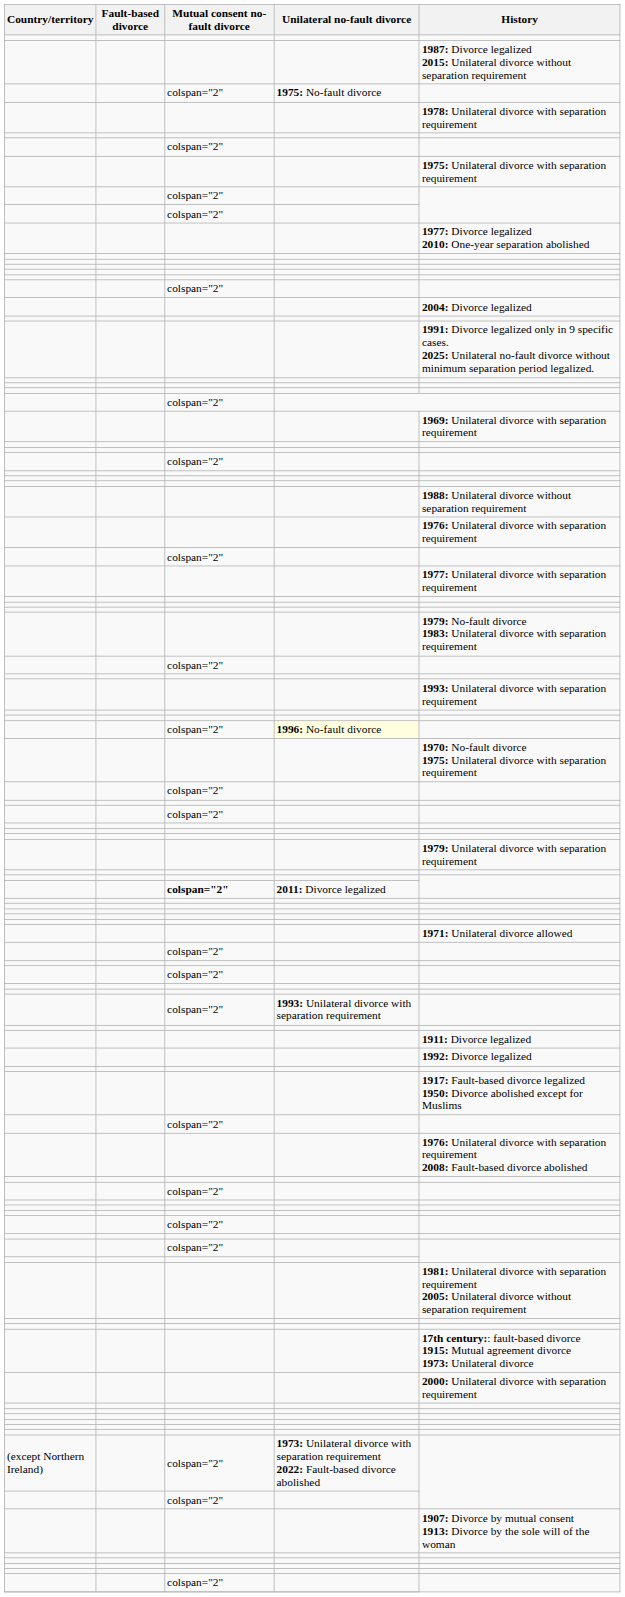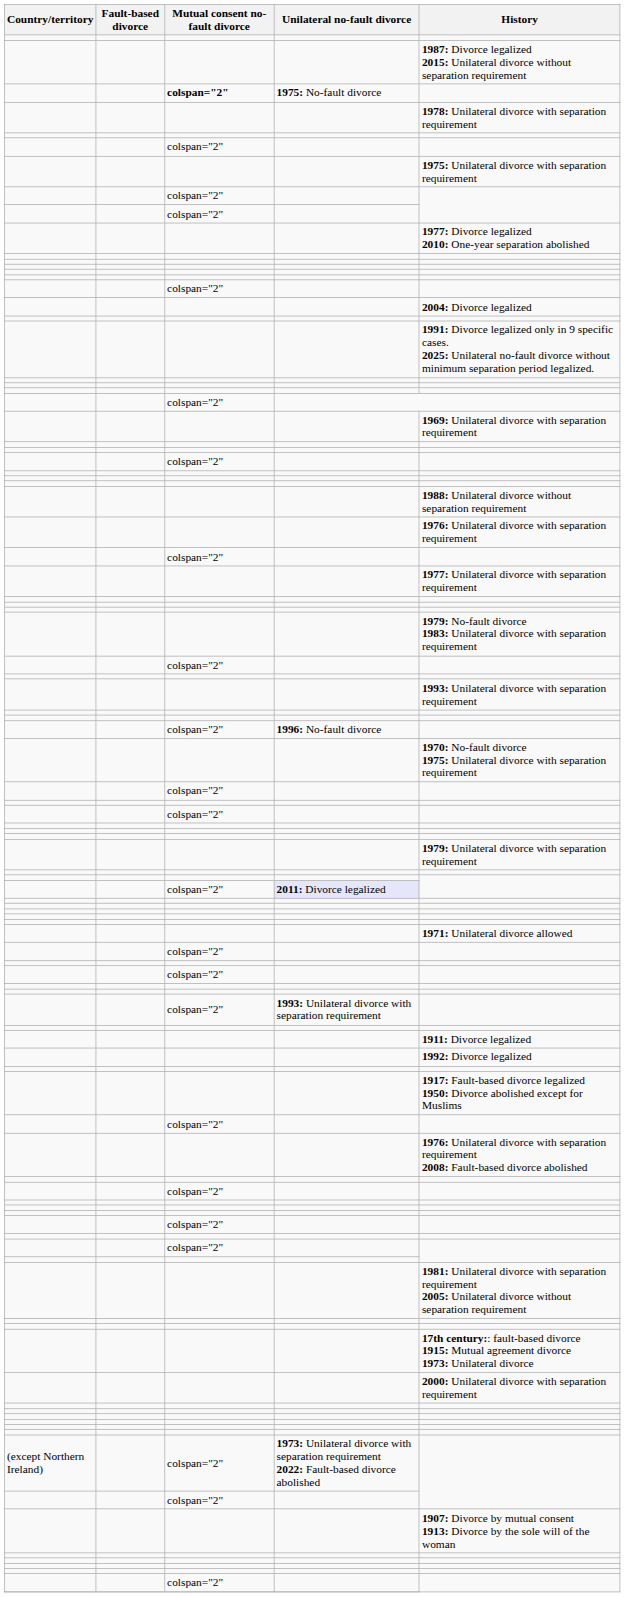 <table class="wikitable sortable" style="text-align:left">
 <tr>
 <th style="width:120px;">Country/territory</th>
 <th>Fault-based divorce</th>
 <th>Mutual consent no-fault divorce</th>
 <th>Unilateral no-fault divorce</th>
 <th>History</th>
 </tr>
 <tr>
 <td></td>
 <td></td>
 <td></td>
 <td></td>
 <td></td>
 </tr>
 <tr>
 <td></td>
 <td></td>
 <td></td>
 <td></td>
 <td><strong>1987:</strong> Divorce legalized<br><strong>2015:</strong> Unilateral divorce without separation requirement</td>
 </tr>
 <tr>
 <td></td>
 <td></td>
-<td>colspan="2" </td>
+<td><strong>colspan="2" </strong></td>
 <td><strong>1975:</strong> No-fault divorce</td>
 </tr>
 <tr>
 <td></td>
 <td></td>
 <td></td>
 <td></td>
 <td><strong>1978:</strong> Unilateral divorce with separation requirement</td>
 </tr>
 <tr>
 <td></td>
 <td></td>
 <td></td>
 <td></td>
 <td></td>
 </tr>
 <tr>
 <td></td>
 <td></td>
 <td>colspan="2" </td>
 <td></td>
 </tr>
 <tr>
 <td></td>
 <td></td>
 <td></td>
 <td></td>
 <td><strong>1975:</strong> Unilateral divorce with separation requirement</td>
 </tr>
 <tr>
 <td></td>
 <td></td>
 <td>colspan="2" </td>
 <td></td>
 </tr>
 <tr>
 <td></td>
 <td></td>
 <td>colspan="2" </td>
 <td></td>
 </tr>
 <tr>
 <td></td>
 <td></td>
 <td></td>
 <td></td>
 <td><strong>1977:</strong> Divorce legalized<br><strong>2010:</strong> One-year separation abolished</td>
 </tr>
 <tr>
 <td></td>
 <td></td>
 <td></td>
 <td></td>
 <td></td>
 </tr>
 <tr>
 <td></td>
 <td></td>
 <td></td>
 <td></td>
 <td></td>
 </tr>
 <tr>
 <td></td>
 <td></td>
 <td></td>
 <td></td>
 <td></td>
 </tr>
 <tr>
 <td></td>
 <td></td>
 <td></td>
 <td></td>
 <td></td>
 </tr>
 <tr>
 <td></td>
 <td></td>
 <td></td>
 <td></td>
 <td></td>
 </tr>
 <tr>
 <td></td>
 <td></td>
 <td>colspan="2" </td>
 <td></td>
 </tr>
 <tr>
 <td></td>
 <td></td>
 <td></td>
 <td></td>
 <td><strong>2004:</strong> Divorce legalized</td>
 </tr>
 <tr>
 <td></td>
 <td></td>
 <td></td>
 <td></td>
 <td></td>
 </tr>
 <tr>
 <td></td>
 <td></td>
 <td></td>
 <td></td>
 <td><strong>1991:</strong> Divorce legalized only in 9 specific cases.<br><strong>2025:</strong> Unilateral no-fault divorce without minimum separation period legalized.</td>
 </tr>
 <tr>
 <td></td>
 <td></td>
 <td></td>
 <td></td>
 <td></td>
 </tr>
 <tr>
 <td></td>
 <td></td>
 <td></td>
 <td></td>
 <td></td>
 </tr>
 <tr>
 <td></td>
 <td></td>
 <td></td>
 <td></td>
 <td></td>
 </tr>
 <tr>
 <td></td>
 <td></td>
 <td>colspan="2" </td>
 </tr>
 <tr>
 <td></td>
 <td></td>
 <td></td>
 <td></td>
 <td><strong>1969:</strong> Unilateral divorce with separation requirement</td>
 </tr>
 <tr>
 <td></td>
 <td></td>
 <td></td>
 <td></td>
 <td></td>
 </tr>
 <tr>
 <td></td>
 <td></td>
 <td></td>
 <td></td>
 <td></td>
 </tr>
 <tr>
 <td></td>
 <td></td>
 <td>colspan="2" </td>
 <td></td>
 </tr>
 <tr>
 <td></td>
 <td></td>
 <td></td>
 <td></td>
 <td></td>
 </tr>
 <tr>
 <td></td>
 <td></td>
 <td></td>
 <td></td>
 <td></td>
 </tr>
 <tr>
 <td></td>
 <td></td>
 <td></td>
 <td></td>
 <td></td>
 </tr>
 <tr>
 <td></td>
 <td></td>
 <td></td>
 <td></td>
 <td><strong>1988:</strong> Unilateral divorce without separation requirement</td>
 </tr>
 <tr>
 <td></td>
 <td></td>
 <td></td>
 <td></td>
 <td><strong>1976:</strong> Unilateral divorce with separation requirement</td>
 </tr>
 <tr>
 <td></td>
 <td></td>
 <td>colspan="2" </td>
 <td></td>
 </tr>
 <tr>
 <td></td>
 <td></td>
 <td></td>
 <td></td>
 <td><strong>1977:</strong> Unilateral divorce with separation requirement</td>
 </tr>
 <tr>
 <td></td>
 <td></td>
 <td></td>
 <td></td>
 <td></td>
 </tr>
 <tr>
 <td></td>
 <td></td>
 <td></td>
 <td></td>
 <td></td>
 </tr>
 <tr>
 <td></td>
 <td></td>
 <td></td>
 <td></td>
 <td></td>
 </tr>
 <tr>
 <td></td>
 <td></td>
 <td></td>
 <td></td>
 <td><strong>1979:</strong> No-fault divorce<br><strong>1983:</strong> Unilateral divorce with separation requirement</td>
 </tr>
 <tr>
 <td></td>
 <td></td>
 <td>colspan="2"</td>
 <td></td>
 </tr>
 <tr>
 <td></td>
 <td></td>
 <td></td>
 <td></td>
 <td></td>
 </tr>
 <tr>
 <td></td>
 <td></td>
 <td></td>
 <td></td>
 <td><strong>1993:</strong> Unilateral divorce with separation requirement</td>
 </tr>
 <tr>
 <td></td>
 <td></td>
 <td></td>
 <td></td>
 <td></td>
 </tr>
 <tr>
 <td></td>
 <td></td>
 <td></td>
 <td></td>
 <td></td>
 </tr>
 <tr>
 <td></td>
 <td></td>
 <td>colspan="2" </td>
-<td style="background: lightyellow;"><strong>1996:</strong> No-fault divorce</td>
+<td><strong>1996:</strong> No-fault divorce</td>
 </tr>
 <tr>
 <td></td>
 <td></td>
 <td></td>
 <td></td>
 <td><strong>1970:</strong> No-fault divorce<br><strong>1975:</strong> Unilateral divorce with separation requirement</td>
 </tr>
 <tr>
 <td></td>
 <td></td>
 <td>colspan="2" </td>
 <td></td>
 </tr>
 <tr>
 <td></td>
 <td></td>
 <td></td>
 <td></td>
 <td></td>
 </tr>
 <tr>
 <td></td>
 <td></td>
 <td>colspan="2" </td>
 <td></td>
 </tr>
 <tr>
 <td></td>
 <td></td>
 <td></td>
 <td></td>
 <td></td>
 </tr>
 <tr>
 <td></td>
 <td></td>
 <td></td>
 <td></td>
 <td></td>
 </tr>
 <tr>
 <td></td>
 <td></td>
 <td></td>
 <td></td>
 <td></td>
 </tr>
 <tr>
 <td></td>
 <td></td>
 <td></td>
 <td></td>
 <td><strong>1979:</strong> Unilateral divorce with separation requirement</td>
 </tr>
 <tr>
 <td></td>
 <td></td>
 <td></td>
 <td></td>
 <td></td>
 </tr>
 <tr>
 <td></td>
 <td></td>
 <td></td>
 <td></td>
 </tr>
 <tr>
 <td></td>
 <td></td>
-<td><strong>colspan="2" </strong></td>
-<td><strong>2011:</strong> Divorce legalized</td>
+<td>colspan="2" </td>
+<td style="background: lavender;"><strong>2011:</strong> Divorce legalized</td>
 </tr>
 <tr>
 <td></td>
 <td></td>
 <td></td>
 <td></td>
 <td></td>
 </tr>
 <tr>
 <td></td>
 <td></td>
 <td></td>
 <td></td>
 <td></td>
 </tr>
 <tr>
 <td></td>
 <td></td>
 <td></td>
 <td></td>
 <td></td>
 </tr>
 <tr>
 <td></td>
 <td></td>
 <td></td>
 <td></td>
 <td></td>
 </tr>
 <tr>
 <td></td>
 <td></td>
 <td></td>
 <td></td>
 <td></td>
 </tr>
 <tr>
 <td></td>
 <td></td>
 <td></td>
 <td></td>
 <td><strong>1971:</strong> Unilateral divorce allowed</td>
 </tr>
 <tr>
 <td></td>
 <td></td>
 <td>colspan="2" </td>
 <td></td>
 </tr>
 <tr>
 <td></td>
 <td></td>
 <td></td>
 <td></td>
 <td></td>
 </tr>
 <tr>
 <td></td>
 <td></td>
 <td>colspan="2"  </td>
 <td></td>
 </tr>
 <tr>
 <td></td>
 <td></td>
 <td></td>
 <td></td>
 <td></td>
 </tr>
 <tr>
 <td></td>
 <td></td>
 <td></td>
 <td></td>
 <td></td>
 </tr>
 <tr>
 <td></td>
 <td></td>
 <td>colspan="2"  </td>
 <td><strong>1993:</strong> Unilateral divorce with separation requirement</td>
 </tr>
 <tr>
 <td></td>
 <td></td>
 <td></td>
 <td></td>
 <td></td>
 </tr>
 <tr>
 <td></td>
 <td></td>
 <td></td>
 <td></td>
 <td><strong>1911:</strong> Divorce legalized</td>
 </tr>
 <tr>
 <td></td>
 <td></td>
 <td></td>
 <td></td>
 <td><strong>1992:</strong> Divorce legalized</td>
 </tr>
 <tr>
 <td></td>
 <td></td>
 <td></td>
 <td></td>
 <td></td>
 </tr>
 <tr>
 <td></td>
 <td></td>
 <td></td>
 <td></td>
 <td><strong>1917:</strong> Fault-based divorce legalized<br><strong>1950:</strong> Divorce abolished except for Muslims</td>
 </tr>
 <tr>
 <td></td>
 <td></td>
 <td>colspan="2"  </td>
 <td></td>
 </tr>
 <tr>
 <td></td>
 <td></td>
 <td></td>
 <td></td>
 <td><strong>1976:</strong> Unilateral divorce with separation requirement<br><strong>2008:</strong> Fault-based divorce abolished</td>
 </tr>
 <tr>
 <td></td>
 <td></td>
 <td></td>
 <td></td>
 <td></td>
 </tr>
 <tr>
 <td></td>
 <td></td>
 <td>colspan="2" </td>
 <td></td>
 </tr>
 <tr>
 <td></td>
 <td></td>
 <td></td>
 <td></td>
 <td></td>
 </tr>
 <tr>
 <td></td>
 <td></td>
 <td></td>
 <td></td>
 <td></td>
 </tr>
 <tr>
 <td></td>
 <td></td>
 <td></td>
 <td></td>
 <td></td>
 </tr>
 <tr>
 <td></td>
 <td></td>
 <td>colspan="2"  </td>
 <td></td>
 </tr>
 <tr>
 <td></td>
 <td></td>
 <td></td>
 <td></td>
 <td></td>
 </tr>
 <tr>
 <td></td>
 <td></td>
 <td>colspan="2" </td>
 <td></td>
 </tr>
 <tr>
 <td></td>
 <td></td>
 <td></td>
 <td></td>
 </tr>
 <tr>
 <td></td>
 <td></td>
 <td></td>
 <td></td>
 <td><strong>1981:</strong> Unilateral divorce with separation requirement<br><strong>2005:</strong> Unilateral divorce without separation requirement</td>
 </tr>
 <tr>
 <td></td>
 <td></td>
 <td></td>
 <td></td>
 <td></td>
 </tr>
 <tr>
 <td></td>
 <td></td>
 <td></td>
 <td></td>
 <td></td>
 </tr>
 <tr>
 <td></td>
 <td></td>
 <td></td>
 <td></td>
 <td><strong>17th century:</strong>: fault-based divorce<br><strong>1915:</strong> Mutual agreement divorce<br><strong>1973:</strong> Unilateral divorce</td>
 </tr>
 <tr>
 <td></td>
 <td></td>
 <td></td>
 <td></td>
 <td><strong>2000:</strong> Unilateral divorce with separation requirement</td>
 </tr>
 <tr>
 <td></td>
 <td></td>
 <td></td>
 <td></td>
 <td></td>
 </tr>
 <tr>
 <td></td>
 <td></td>
 <td></td>
 <td></td>
 <td></td>
 </tr>
 <tr>
 <td></td>
 <td></td>
 <td></td>
 <td></td>
 <td></td>
 </tr>
 <tr>
 <td></td>
 <td></td>
 <td></td>
 <td></td>
 <td></td>
 </tr>
 <tr>
 <td></td>
 <td></td>
 <td></td>
 <td></td>
 <td></td>
 </tr>
 <tr>
 <td></td>
 <td></td>
 <td></td>
 <td></td>
 <td></td>
 </tr>
 <tr>
 <td> (except Northern Ireland)</td>
 <td></td>
 <td>colspan="2"  </td>
 <td><strong>1973:</strong> Unilateral divorce with separation requirement<br><strong>2022:</strong> Fault-based divorce abolished</td>
 </tr>
 <tr>
 <td></td>
 <td></td>
 <td>colspan="2"  </td>
 <td></td>
 </tr>
 <tr>
 <td></td>
 <td></td>
 <td></td>
 <td></td>
 <td><strong>1907:</strong> Divorce by mutual consent<br><strong>1913:</strong> Divorce by the sole will of the woman</td>
 </tr>
 <tr>
 <td></td>
 <td></td>
 <td></td>
 <td></td>
 <td></td>
 </tr>
 <tr>
 <td></td>
 <td></td>
 <td></td>
 <td></td>
 </tr>
 <tr>
 <td></td>
 <td></td>
 <td></td>
 <td></td>
 <td></td>
 </tr>
 <tr>
 <td></td>
 <td></td>
 <td></td>
 <td></td>
 <td></td>
 </tr>
 <tr>
 <td></td>
 <td></td>
 <td>colspan="2" </td>
 <td></td>
 </tr>
 <tr>
 </tr>
 </table>
